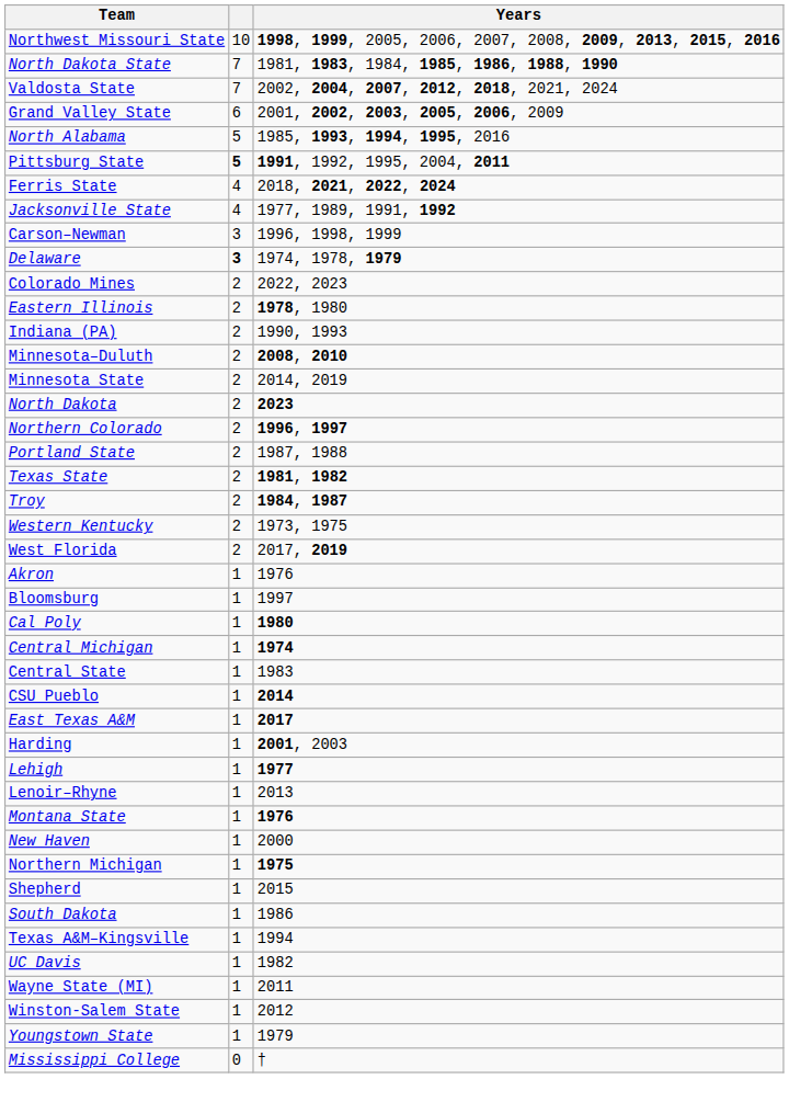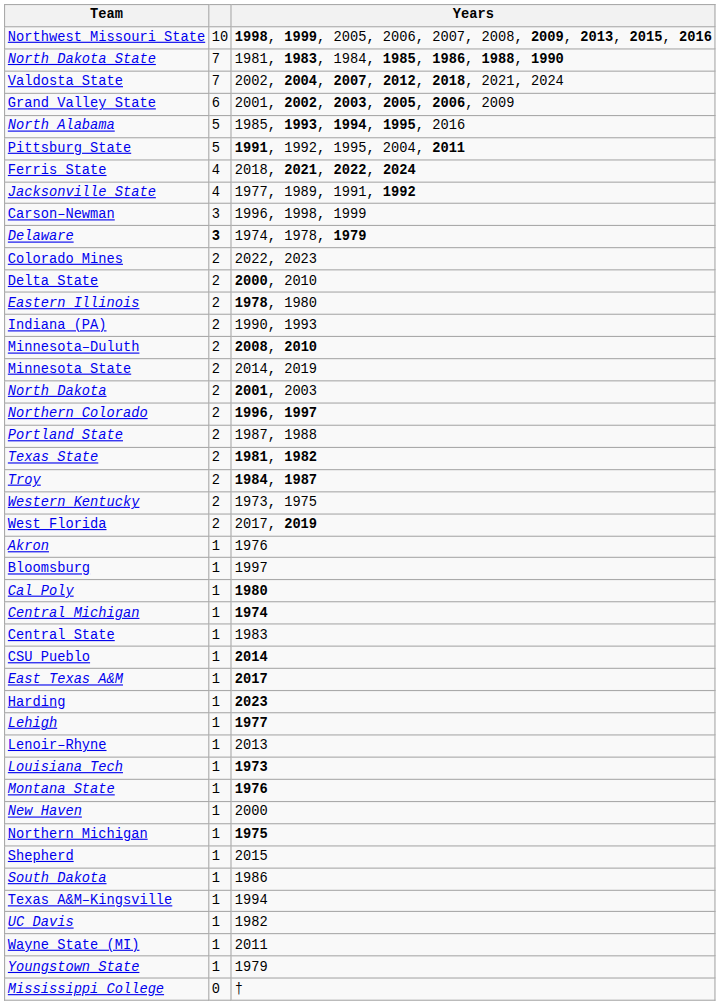 <table class="wikitable sortable" style="font-size:95%; width: %; text-align: left;">
 <tr>
 <th width=px>Team</th>
 <th width=px></th>
 <th width=px>Years</th>
 </tr>
 <tr>
 <td><a href='#'>Northwest Missouri State</a></td>
 <td>10</td>
 <td><strong>1998</strong>, <strong>1999</strong>, 2005, 2006, 2007, 2008, <strong>2009</strong>, <strong>2013</strong>, <strong>2015</strong>, <strong>2016</strong></td>
 </tr>
 <tr>
 <td><em><a href='#'>North Dakota State</a></em></td>
 <td>7</td>
 <td>1981, <strong>1983</strong>, 1984, <strong>1985</strong>, <strong>1986</strong>, <strong>1988</strong>, <strong>1990</strong></td>
 </tr>
 <tr>
 <td><a href='#'>Valdosta State</a></td>
 <td>7</td>
 <td>2002, <strong>2004</strong>, <strong>2007</strong>, <strong>2012</strong>, <strong>2018</strong>, 2021, 2024</td>
 </tr>
 <tr>
 <td><a href='#'>Grand Valley State</a></td>
 <td>6</td>
 <td>2001, <strong>2002</strong>, <strong>2003</strong>, <strong>2005</strong>, <strong>2006</strong>, 2009</td>
 </tr>
 <tr>
 <td><em><a href='#'>North Alabama</a></em></td>
 <td>5</td>
 <td>1985, <strong>1993</strong>, <strong>1994</strong>, <strong>1995</strong>, 2016</td>
 </tr>
 <tr>
 <td><a href='#'>Pittsburg State</a></td>
-<td><strong>5</strong></td>
+<td>5</td>
 <td><strong>1991</strong>, 1992, 1995, 2004, <strong>2011</strong></td>
 </tr>
 <tr>
 <td><a href='#'>Ferris State</a></td>
 <td>4</td>
 <td>2018, <strong>2021</strong>, <strong>2022</strong>, <strong>2024</strong></td>
 </tr>
 <tr>
 <td><em><a href='#'>Jacksonville State</a></em></td>
 <td>4</td>
 <td>1977, 1989, 1991, <strong>1992</strong></td>
 </tr>
 <tr>
 <td><a href='#'>Carson–Newman</a></td>
 <td>3</td>
 <td>1996, 1998, 1999</td>
 </tr>
 <tr>
 <td><em><a href='#'>Delaware</a></em></td>
 <td><strong>3</strong></td>
 <td>1974, 1978, <strong>1979</strong></td>
 </tr>
 <tr>
 <td><a href='#'>Colorado Mines</a></td>
 <td>2</td>
 <td>2022, 2023</td>
 </tr>
 <tr>
+<td><a href='#'>Delta State</a></td>
+<td>2</td>
+<td><strong>2000</strong>, 2010</td>
+</tr>
+<tr>
 <td><em><a href='#'>Eastern Illinois</a></em></td>
 <td>2</td>
 <td><strong>1978</strong>, 1980</td>
 </tr>
 <tr>
 <td><a href='#'>Indiana (PA)</a></td>
 <td>2</td>
 <td>1990, 1993</td>
 </tr>
 <tr>
 <td><a href='#'>Minnesota–Duluth</a></td>
 <td>2</td>
 <td><strong>2008</strong>, <strong>2010</strong></td>
 </tr>
 <tr>
 <td><a href='#'>Minnesota State</a></td>
 <td>2</td>
 <td>2014, 2019</td>
 </tr>
 <tr>
 <td><em><a href='#'>North Dakota</a></em></td>
 <td>2</td>
-<td><strong>2023</strong></td>
+<td><strong>2001</strong>, 2003</td>
 </tr>
 <tr>
 <td><em><a href='#'>Northern Colorado</a></em></td>
 <td>2</td>
 <td><strong>1996</strong>, <strong>1997</strong></td>
 </tr>
 <tr>
 <td><em><a href='#'>Portland State</a></em></td>
 <td>2</td>
 <td>1987, 1988</td>
 </tr>
 <tr>
 <td><em><a href='#'>Texas State</a></em></td>
 <td>2</td>
 <td><strong>1981</strong>, <strong>1982</strong></td>
 </tr>
 <tr>
 <td><em><a href='#'>Troy</a></em></td>
 <td>2</td>
 <td><strong>1984</strong>, <strong>1987</strong></td>
 </tr>
 <tr>
 <td><em><a href='#'>Western Kentucky</a></em></td>
 <td>2</td>
 <td>1973, 1975</td>
 </tr>
 <tr>
 <td><a href='#'>West Florida</a></td>
 <td>2</td>
 <td>2017, <strong>2019</strong></td>
 </tr>
 <tr>
 <td><em><a href='#'>Akron</a></em></td>
 <td>1</td>
 <td>1976</td>
 </tr>
 <tr>
 <td><a href='#'>Bloomsburg</a></td>
 <td>1</td>
 <td>1997</td>
 </tr>
 <tr>
 <td><em><a href='#'>Cal Poly</a></em></td>
 <td>1</td>
 <td><strong>1980</strong></td>
 </tr>
 <tr>
 <td><em><a href='#'>Central Michigan</a></em></td>
 <td>1</td>
 <td><strong>1974</strong></td>
 </tr>
 <tr>
 <td><a href='#'>Central State</a></td>
 <td>1</td>
 <td>1983</td>
 </tr>
 <tr>
 <td><a href='#'>CSU Pueblo</a></td>
 <td>1</td>
 <td><strong>2014</strong></td>
 </tr>
 <tr>
 <td><em><a href='#'>East Texas A&M</a></em></td>
 <td>1</td>
 <td><strong>2017</strong></td>
 </tr>
 <tr>
 <td><a href='#'>Harding</a></td>
 <td>1</td>
-<td><strong>2001</strong>, 2003</td>
+<td><strong>2023</strong></td>
 </tr>
 <tr>
 <td><em><a href='#'>Lehigh</a></em></td>
 <td>1</td>
 <td><strong>1977</strong></td>
 </tr>
 <tr>
 <td><a href='#'>Lenoir–Rhyne</a></td>
 <td>1</td>
 <td>2013</td>
+</tr>
+<tr>
+<td><em><a href='#'>Louisiana Tech</a></em></td>
+<td>1</td>
+<td><strong>1973</strong></td>
 </tr>
 <tr>
 <td><em><a href='#'>Montana State</a></em></td>
 <td>1</td>
 <td><strong>1976</strong></td>
 </tr>
 <tr>
 <td><em><a href='#'>New Haven</a></em></td>
 <td>1</td>
 <td>2000</td>
 </tr>
 <tr>
 <td><a href='#'>Northern Michigan</a></td>
 <td>1</td>
 <td><strong>1975</strong></td>
 </tr>
 <tr>
 <td><a href='#'>Shepherd</a></td>
 <td>1</td>
 <td>2015</td>
 </tr>
 <tr>
 <td><em><a href='#'>South Dakota</a></em></td>
 <td>1</td>
 <td>1986</td>
 </tr>
 <tr>
 <td><a href='#'>Texas A&M–Kingsville</a></td>
 <td>1</td>
 <td>1994</td>
 </tr>
 <tr>
 <td><em><a href='#'>UC Davis</a></em></td>
 <td>1</td>
 <td>1982</td>
 </tr>
 <tr>
 <td><a href='#'>Wayne State (MI)</a></td>
 <td>1</td>
 <td>2011</td>
 </tr>
 <tr>
-<td><a href='#'>Winston-Salem State</a></td>
-<td>1</td>
-<td>2012</td>
-</tr>
-<tr>
 <td><em><a href='#'>Youngstown State</a></em></td>
 <td>1</td>
 <td>1979</td>
 </tr>
 <tr>
 <td><em><a href='#'>Mississippi College</a></em></td>
 <td>0</td>
 <td><strong></strong>†</td>
 </tr>
 </table>
